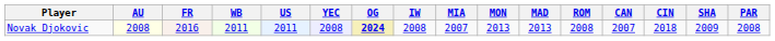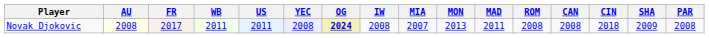 <table class="wikitable nowrap" style="text-align: center;">
 <tr>
 <th width="140">Player</th>
 <th width="60"><a href='#'>AU</a></th>
 <th width="60"><a href='#'>FR</a></th>
 <th width="60"><a href='#'>WB</a></th>
 <th width="60"><a href='#'>US</a></th>
 <th width="50"><a href='#'>YEC</a></th>
 <th width="50"><a href='#'>OG</a></th>
 <th width="50"><a href='#'>IW</a></th>
 <th width="50"><a href='#'>MIA</a></th>
 <th width="50"><a href='#'>MON</a></th>
 <th width="50"><a href='#'>MAD</a></th>
 <th width="50"><a href='#'>ROM</a></th>
 <th width="50"><a href='#'>CAN</a></th>
 <th width="50"><a href='#'>CIN</a></th>
 <th width="50"><a href='#'>SHA</a></th>
 <th width="50"><a href='#'>PAR</a></th>
 </tr>
 <tr>
 <td style="text-align:left;"> <a href='#'>Novak Djokovic</a></td>
 <td style="background: #ffffe6;"><a href='#'>2008</a></td>
-<td style="background: #f9f0eb;"><a href='#'>2016</a></td>
+<td style="background: #f9f0eb;"><a href='#'>2017</a></td>
 <td style="background: #f2ffe6;"><a href='#'>2011</a></td>
 <td style="background: #e6f2ff;"><a href='#'>2011</a></td>
 <td bgcolor=#ededff><a href='#'>2008</a></td>
 <td bgcolor=#f6f0ba><strong><a href='#'>2024</a></strong></td>
 <td><a href='#'>2008</a></td>
 <td><a href='#'>2007</a></td>
 <td><a href='#'>2013</a></td>
-<td><a href='#'>2013</a></td>
+<td><a href='#'>2011</a></td>
 <td><a href='#'>2008</a></td>
-<td><a href='#'>2007</a></td>
+<td><a href='#'>2008</a></td>
 <td><a href='#'>2018</a></td>
 <td><a href='#'>2009</a></td>
 <td><a href='#'>2008</a></td>
 </tr>
 </table>
